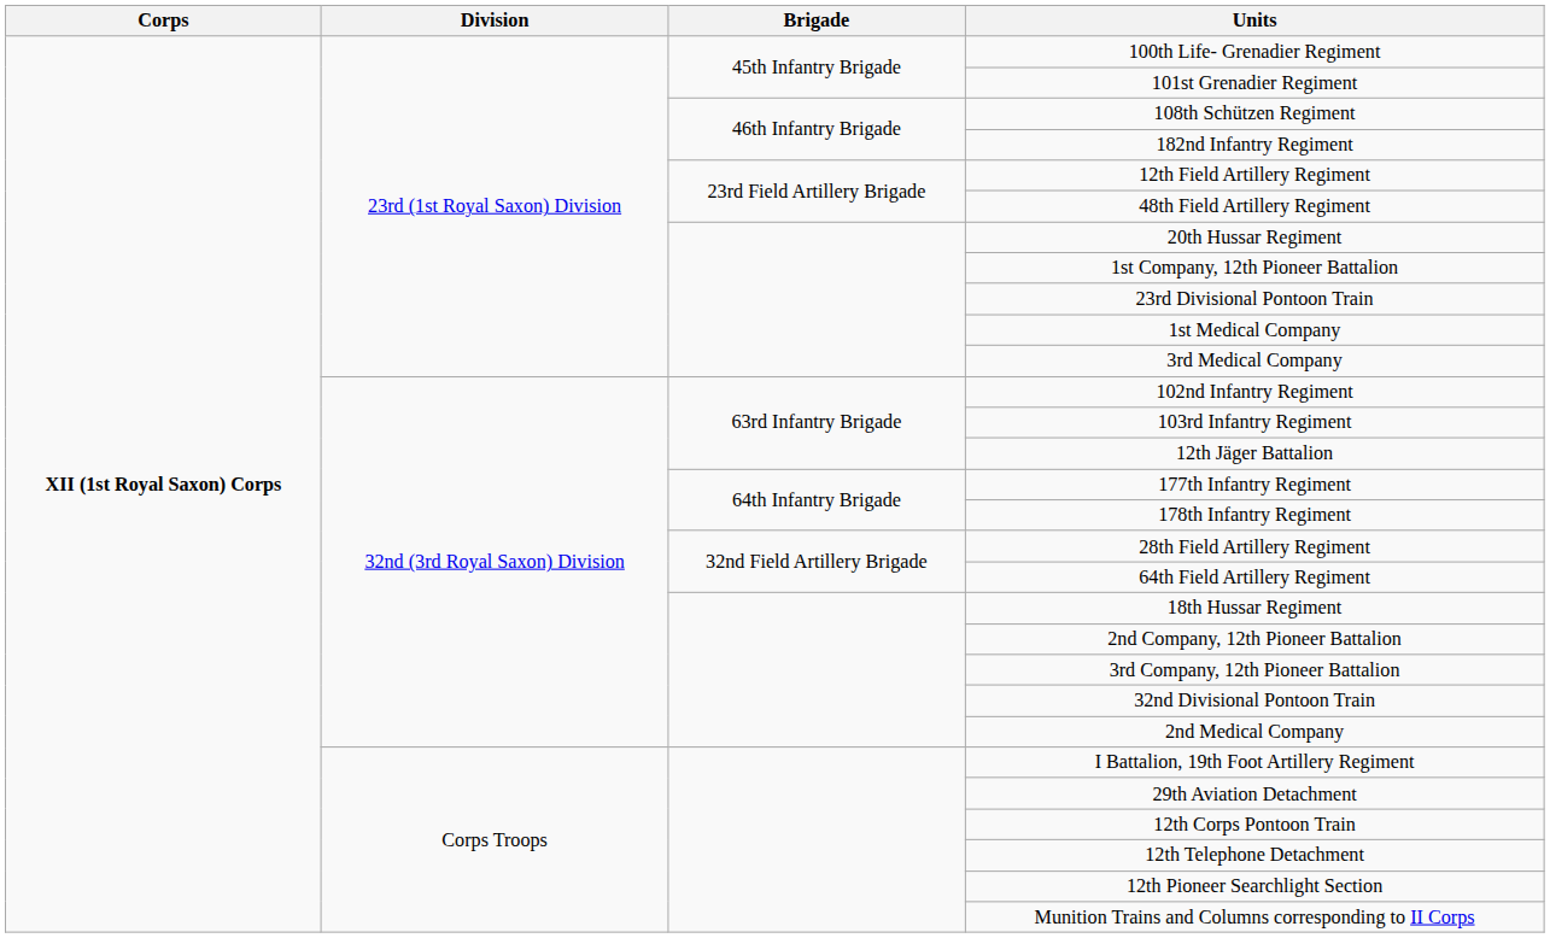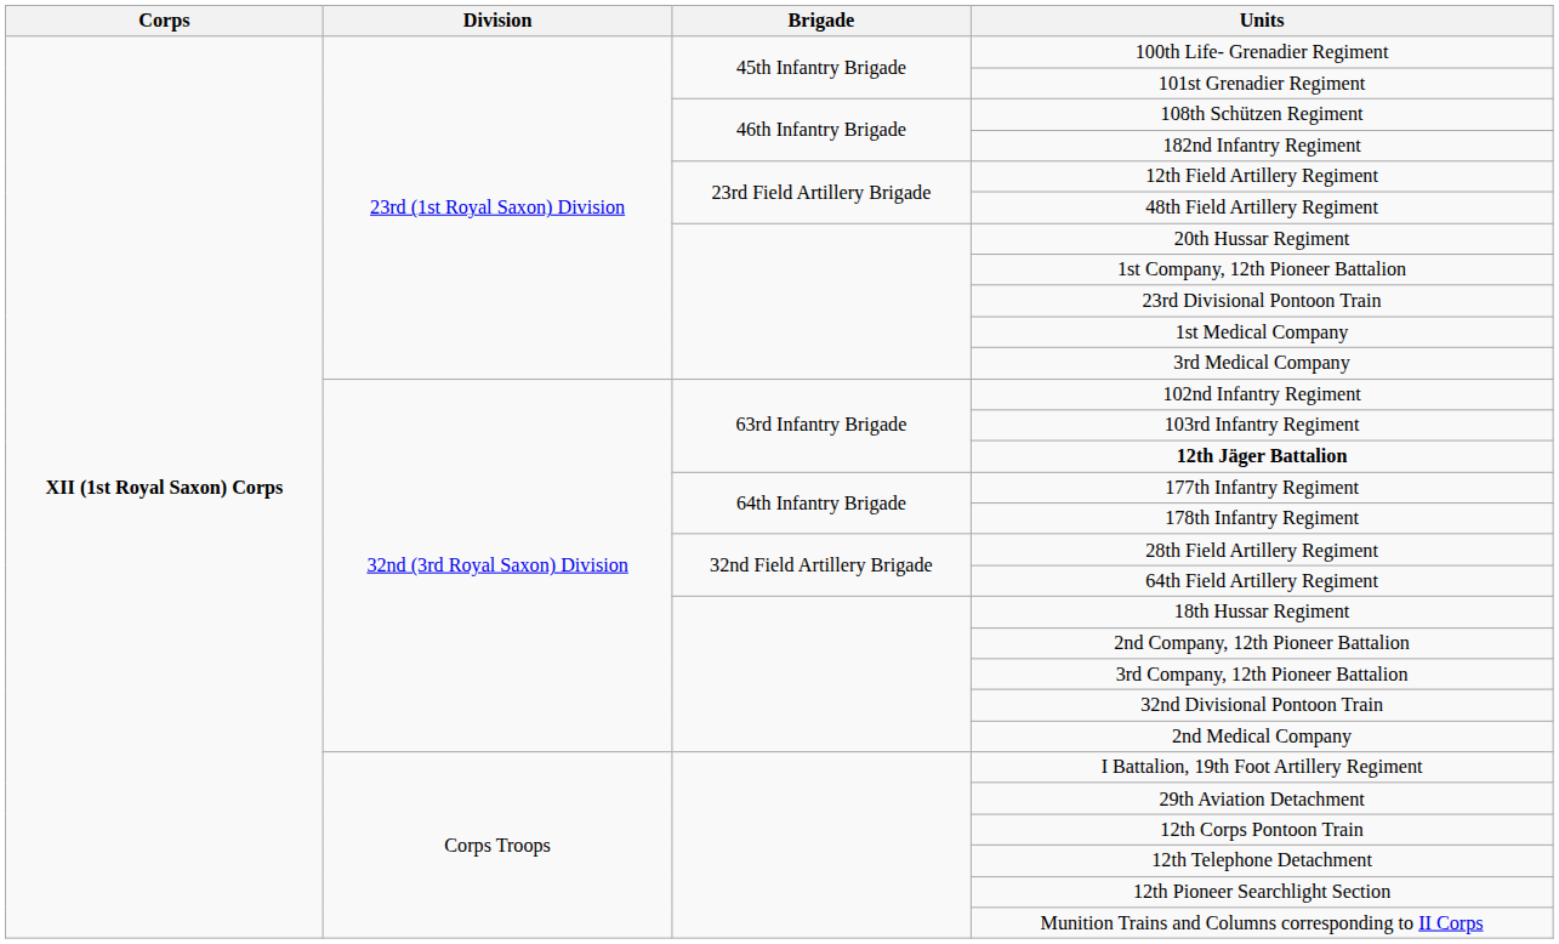 <table class="wikitable collapsible collapsed" style="text-align:center; width:100%;">
 <tr>
 <th>Corps</th>
 <th>Division</th>
 <th>Brigade</th>
 <th>Units</th>
 </tr>
 <tr>
 <td ROWSPAN=29><strong>XII (1st Royal Saxon) Corps</strong></td>
 <td ROWSPAN=11><a href='#'>23rd (1st Royal Saxon) Division</a></td>
 <td ROWSPAN=2>45th Infantry Brigade</td>
 <td>100th Life- Grenadier Regiment</td>
 </tr>
 <tr>
 <td>101st Grenadier Regiment</td>
 </tr>
 <tr>
 <td ROWSPAN=2>46th Infantry Brigade</td>
 <td>108th Schützen Regiment</td>
 </tr>
 <tr>
 <td>182nd Infantry Regiment</td>
 </tr>
 <tr>
 <td ROWSPAN=2>23rd Field Artillery Brigade</td>
 <td>12th Field Artillery Regiment</td>
 </tr>
 <tr>
 <td>48th Field Artillery Regiment</td>
 </tr>
 <tr>
 <td ROWSPAN=5></td>
 <td>20th Hussar Regiment</td>
 </tr>
 <tr>
 <td>1st Company, 12th Pioneer Battalion</td>
 </tr>
 <tr>
 <td>23rd Divisional Pontoon Train</td>
 </tr>
 <tr>
 <td>1st Medical Company</td>
 </tr>
 <tr>
 <td>3rd Medical Company</td>
 </tr>
 <tr>
 <td ROWSPAN=12><a href='#'>32nd (3rd Royal Saxon) Division</a></td>
 <td ROWSPAN=3>63rd Infantry Brigade</td>
 <td>102nd Infantry Regiment</td>
 </tr>
 <tr>
 <td>103rd  Infantry Regiment</td>
 </tr>
 <tr>
-<td>12th Jäger Battalion</td>
+<td><strong>12th Jäger Battalion</strong></td>
 </tr>
 <tr>
 <td ROWSPAN=2>64th Infantry Brigade</td>
 <td>177th Infantry Regiment</td>
 </tr>
 <tr>
 <td>178th Infantry Regiment</td>
 </tr>
 <tr>
 <td ROWSPAN=2>32nd Field Artillery Brigade</td>
 <td>28th Field Artillery Regiment</td>
 </tr>
 <tr>
 <td>64th Field Artillery Regiment</td>
 </tr>
 <tr>
 <td ROWSPAN=5></td>
 <td>18th Hussar Regiment</td>
 </tr>
 <tr>
 <td>2nd Company, 12th Pioneer Battalion</td>
 </tr>
 <tr>
 <td>3rd Company, 12th Pioneer Battalion</td>
 </tr>
 <tr>
 <td>32nd Divisional Pontoon Train</td>
 </tr>
 <tr>
 <td>2nd Medical Company</td>
 </tr>
 <tr>
 <td ROWSPAN=6>Corps Troops</td>
 <td ROWSPAN=6></td>
 <td>I Battalion, 19th Foot Artillery Regiment</td>
 </tr>
 <tr>
 <td>29th Aviation Detachment</td>
 </tr>
 <tr>
 <td>12th Corps Pontoon Train</td>
 </tr>
 <tr>
 <td>12th Telephone Detachment</td>
 </tr>
 <tr>
 <td>12th Pioneer Searchlight Section</td>
 </tr>
 <tr>
 <td>Munition Trains and Columns corresponding to <a href='#'>II Corps</a></td>
 </tr>
 </table>
